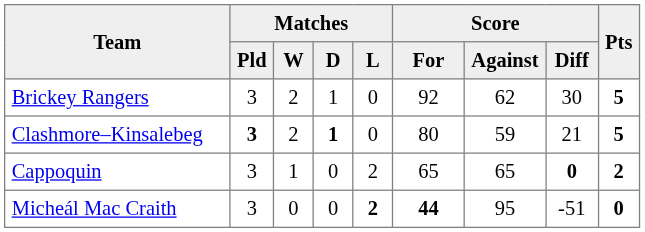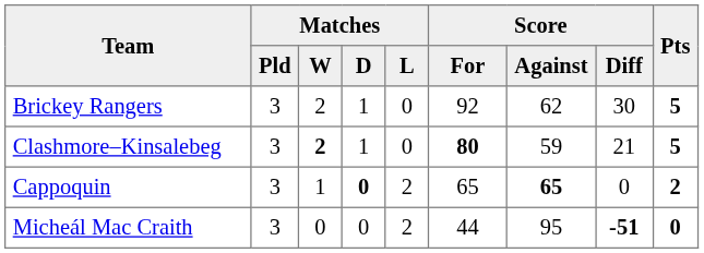 <table style=border-collapse:collapse border=1 cellspacing=0 cellpadding=5>
 <tr align=center bgcolor=#efefef>
 <th rowspan=2 width=165>Team</th>
 <th colspan=4>Matches</th>
 <th colspan=3>Score</th>
 <th rowspan=2width=20>Pts</th>
 </tr>
 <tr align=center bgcolor=#efefef>
 <th width=20>Pld</th>
 <th width=20>W</th>
 <th width=20>D</th>
 <th width=20>L</th>
 <th width=45>For</th>
 <th width=45>Against</th>
 <th width=30>Diff</th>
 </tr>
 <tr align=center>
 <td style="text-align:left;"><a href='#'>Brickey Rangers</a></td>
 <td>3</td>
 <td>2</td>
 <td>1</td>
 <td>0</td>
 <td>92</td>
 <td>62</td>
 <td>30</td>
 <td><strong>5</strong></td>
 </tr>
 <tr align=center>
 <td style="text-align:left;"><a href='#'>Clashmore–Kinsalebeg</a></td>
-<td><strong>3</strong></td>
-<td>2</td>
-<td><strong>1</strong></td>
+<td>3</td>
+<td><strong>2</strong></td>
+<td>1</td>
 <td>0</td>
-<td>80</td>
+<td><strong>80</strong></td>
 <td>59</td>
 <td>21</td>
 <td><strong>5</strong></td>
 </tr>
 <tr align=center>
 <td style="text-align:left;"><a href='#'>Cappoquin</a></td>
 <td>3</td>
 <td>1</td>
-<td>0</td>
+<td><strong>0</strong></td>
 <td>2</td>
 <td>65</td>
-<td>65</td>
-<td><strong>0</strong></td>
+<td><strong>65</strong></td>
+<td>0</td>
 <td><strong>2</strong></td>
 </tr>
 <tr align=center>
 <td style="text-align:left;"><a href='#'>Micheál Mac Craith</a></td>
 <td>3</td>
 <td>0</td>
 <td>0</td>
-<td><strong>2</strong></td>
-<td><strong>44</strong></td>
+<td>2</td>
+<td>44</td>
 <td>95</td>
-<td>-51</td>
+<td><strong>-51</strong></td>
 <td><strong>0</strong></td>
 </tr>
 </table>
